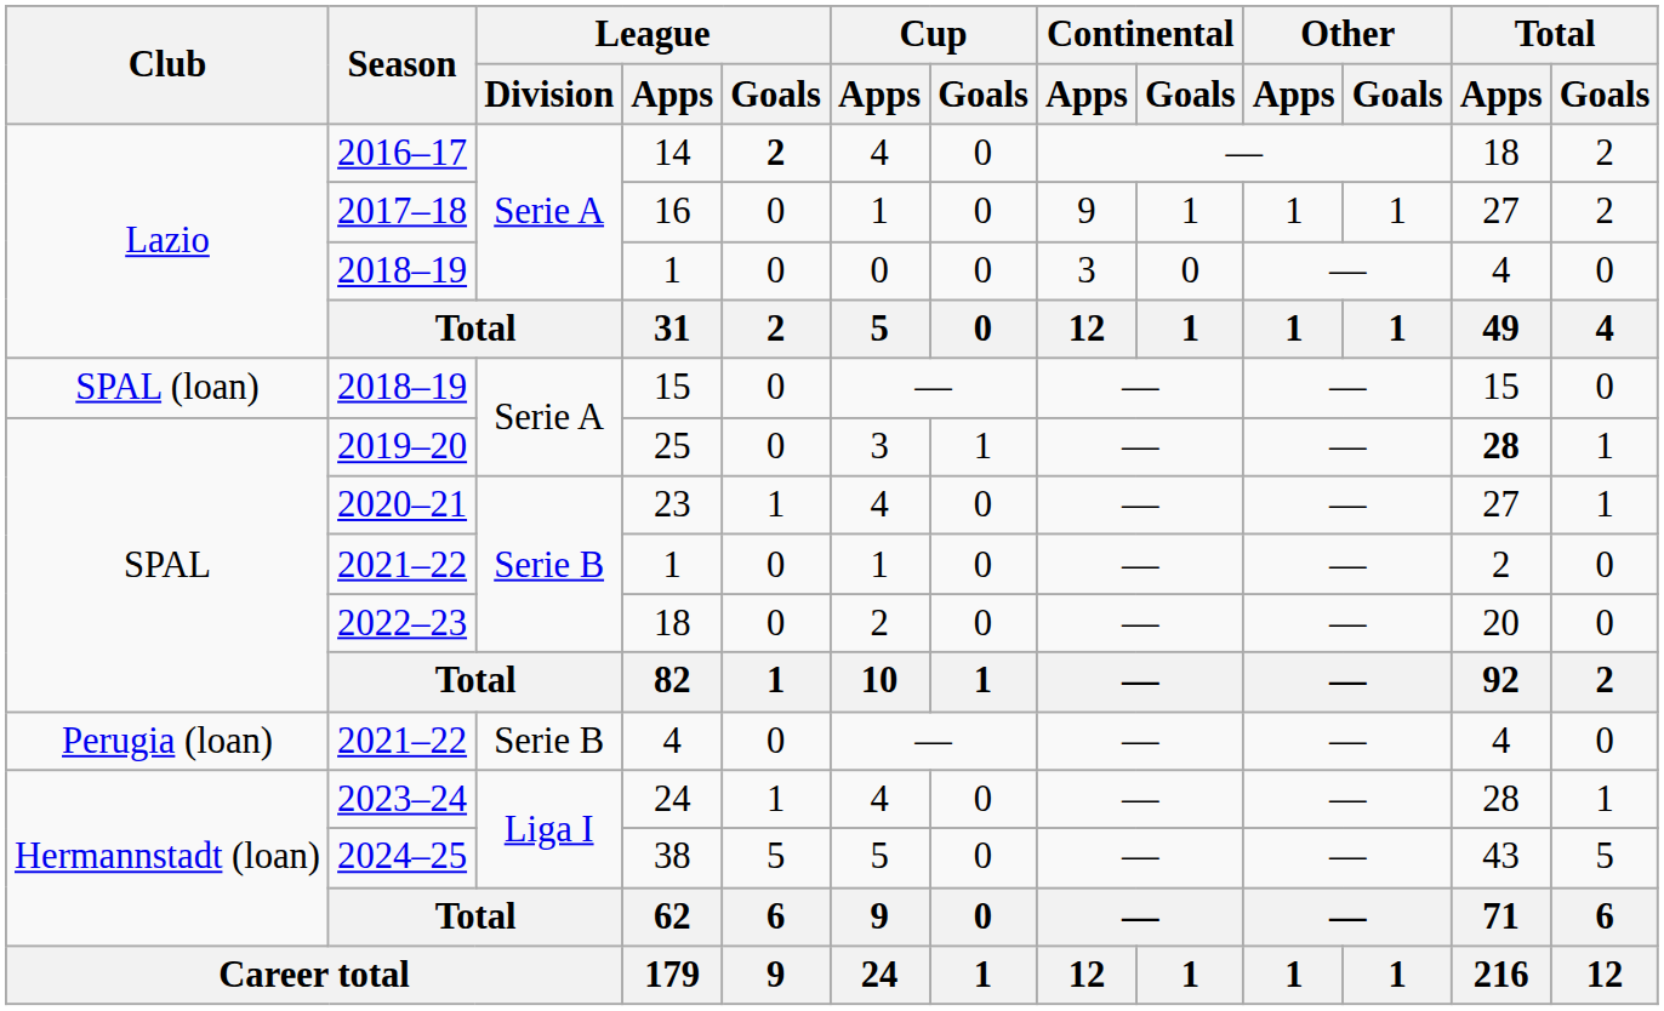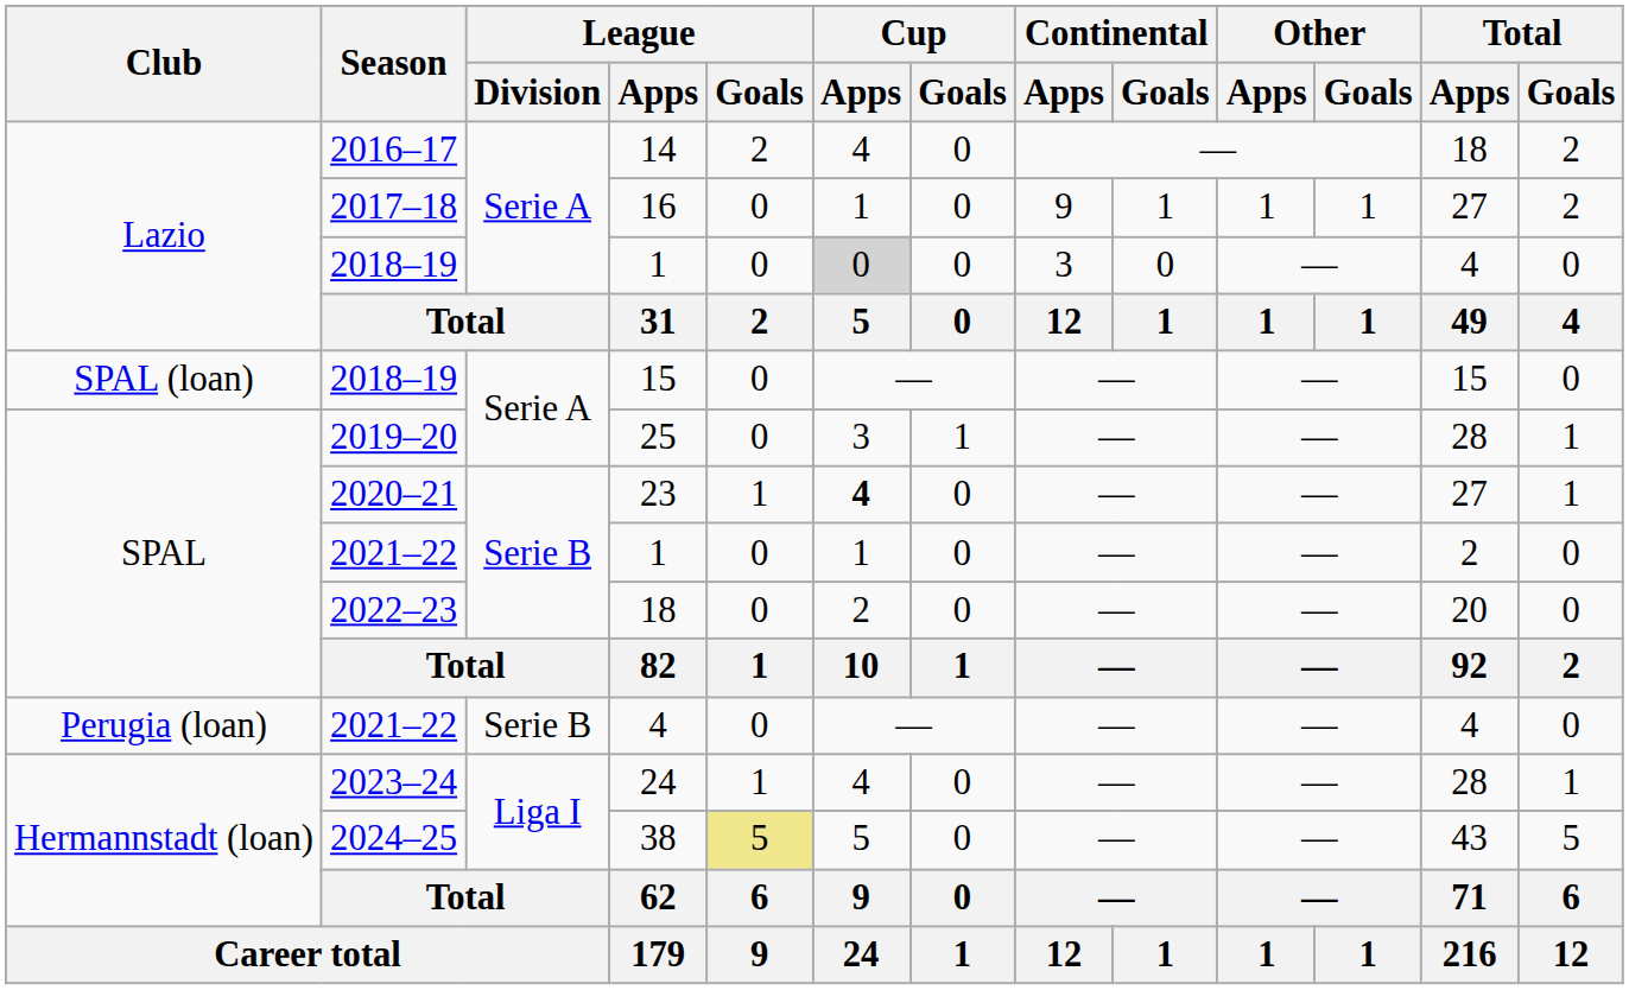 <table class="wikitable" style="text-align:center">
 <tr>
 <th rowspan=2>Club</th>
 <th rowspan=2>Season</th>
 <th colspan=3>League</th>
 <th colspan=2>Cup</th>
 <th colspan=2>Continental</th>
 <th colspan=2>Other</th>
 <th colspan=2>Total</th>
 </tr>
 <tr>
 <th>Division</th>
 <th>Apps</th>
 <th>Goals</th>
 <th>Apps</th>
 <th>Goals</th>
 <th>Apps</th>
 <th>Goals</th>
 <th>Apps</th>
 <th>Goals</th>
 <th>Apps</th>
 <th>Goals</th>
 </tr>
 <tr>
 <td rowspan=4><a href='#'>Lazio</a></td>
 <td><a href='#'>2016–17</a></td>
 <td rowspan=3><a href='#'>Serie A</a></td>
 <td>14</td>
-<td><strong>2</strong></td>
+<td>2</td>
 <td>4</td>
 <td>0</td>
 <td colspan=4>—</td>
 <td>18</td>
 <td>2</td>
 </tr>
 <tr>
 <td><a href='#'>2017–18</a></td>
 <td>16</td>
 <td>0</td>
 <td>1</td>
 <td>0</td>
 <td>9</td>
 <td>1</td>
 <td>1</td>
 <td>1</td>
 <td>27</td>
 <td>2</td>
 </tr>
 <tr>
 <td><a href='#'>2018–19</a></td>
 <td>1</td>
 <td>0</td>
-<td>0</td>
+<td style="background: lightgrey;">0</td>
 <td>0</td>
 <td>3</td>
 <td>0</td>
 <td colspan=2>—</td>
 <td>4</td>
 <td>0</td>
 </tr>
 <tr>
 <th colspan="2">Total</th>
 <th>31</th>
 <th>2</th>
 <th>5</th>
 <th>0</th>
 <th>12</th>
 <th>1</th>
 <th>1</th>
 <th>1</th>
 <th>49</th>
 <th>4</th>
 </tr>
 <tr>
 <td rowspan=1><a href='#'>SPAL</a> (loan)</td>
 <td><a href='#'>2018–19</a></td>
 <td rowspan=2>Serie A</td>
 <td>15</td>
 <td>0</td>
 <td colspan=2>—</td>
 <td colspan=2>—</td>
 <td colspan=2>—</td>
 <td>15</td>
 <td>0</td>
 </tr>
 <tr>
 <td rowspan=5>SPAL</td>
 <td><a href='#'>2019–20</a></td>
 <td>25</td>
 <td>0</td>
 <td>3</td>
 <td>1</td>
 <td colspan=2>—</td>
 <td colspan=2>—</td>
-<td><strong>28</strong></td>
+<td>28</td>
 <td>1</td>
 </tr>
 <tr>
 <td><a href='#'>2020–21</a></td>
 <td rowspan="3"><a href='#'>Serie B</a></td>
 <td>23</td>
 <td>1</td>
-<td>4</td>
+<td><strong>4</strong></td>
 <td>0</td>
 <td colspan=2>—</td>
 <td colspan=2>—</td>
 <td>27</td>
 <td>1</td>
 </tr>
 <tr>
 <td><a href='#'>2021–22</a></td>
 <td>1</td>
 <td>0</td>
 <td>1</td>
 <td>0</td>
 <td colspan=2>—</td>
 <td colspan=2>—</td>
 <td>2</td>
 <td>0</td>
 </tr>
 <tr>
 <td><a href='#'>2022–23</a></td>
 <td>18</td>
 <td>0</td>
 <td>2</td>
 <td>0</td>
 <td colspan=2>—</td>
 <td colspan=2>—</td>
 <td>20</td>
 <td>0</td>
 </tr>
 <tr>
 <th colspan="2">Total</th>
 <th>82</th>
 <th>1</th>
 <th>10</th>
 <th>1</th>
 <th colspan=2>—</th>
 <th colspan=2>—</th>
 <th>92</th>
 <th>2</th>
 </tr>
 <tr>
 <td><a href='#'>Perugia</a> (loan)</td>
 <td><a href='#'>2021–22</a></td>
 <td>Serie B</td>
 <td>4</td>
 <td>0</td>
 <td colspan=2>—</td>
 <td colspan=2>—</td>
 <td colspan=2>—</td>
 <td>4</td>
 <td>0</td>
 </tr>
 <tr>
 <td rowspan=3><a href='#'>Hermannstadt</a> (loan)</td>
 <td><a href='#'>2023–24</a></td>
 <td rowspan=2><a href='#'>Liga I</a></td>
 <td>24</td>
 <td>1</td>
 <td>4</td>
 <td>0</td>
 <td colspan=2>—</td>
 <td colspan=2>—</td>
 <td>28</td>
 <td>1</td>
 </tr>
 <tr>
 <td><a href='#'>2024–25</a></td>
 <td>38</td>
-<td>5</td>
+<td style="background: khaki;">5</td>
 <td>5</td>
 <td>0</td>
 <td colspan=2>—</td>
 <td colspan=2>—</td>
 <td>43</td>
 <td>5</td>
 </tr>
 <tr>
 <th colspan="2">Total</th>
 <th>62</th>
 <th>6</th>
 <th>9</th>
 <th>0</th>
 <th colspan=2>—</th>
 <th colspan=2>—</th>
 <th>71</th>
 <th>6</th>
 </tr>
 <tr>
 <th colspan=3>Career total</th>
 <th>179</th>
 <th>9</th>
 <th>24</th>
 <th>1</th>
 <th>12</th>
 <th>1</th>
 <th>1</th>
 <th>1</th>
 <th>216</th>
 <th>12</th>
 </tr>
 </table>
